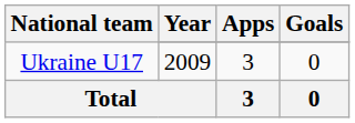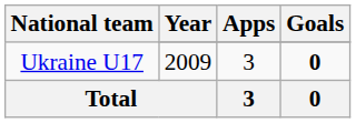 <table class=wikitable style=text-align:center>
 <tr>
 <th>National team</th>
 <th>Year</th>
 <th>Apps</th>
 <th>Goals</th>
 </tr>
 <tr>
 <td rowspan=2><a href='#'>Ukraine U17</a></td>
 </tr>
 <tr>
 <td>2009</td>
 <td>3</td>
-<td>0</td>
+<td><strong>0</strong></td>
 </tr>
 <tr>
 <th colspan=2>Total</th>
 <th>3</th>
 <th>0</th>
 </tr>
 </table>
